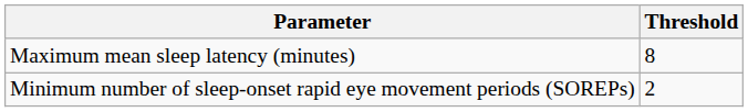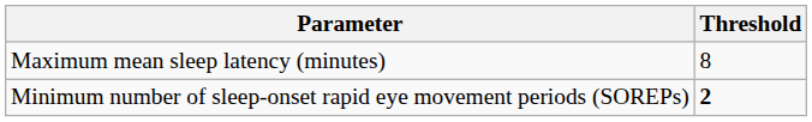 <table class="wikitable">
 <tr>
 <th colspan="2">Parameter</th>
 <th>Threshold</th>
 </tr>
 <tr>
 <td colspan="2">Maximum mean sleep latency (minutes)</td>
 <td>8</td>
 </tr>
 <tr>
 <td colspan="2">Minimum number of sleep-onset rapid eye movement periods (SOREPs)</td>
-<td>2</td>
+<td><strong>2</strong></td>
 </tr>
 </table>
